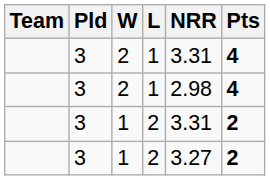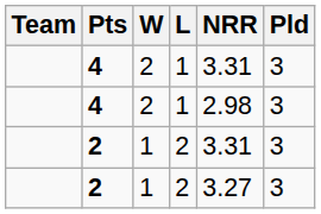 <table class="wikitable">
 <tr>
 <th>Team</th>
-<th>Pld</th>
+<th>Pts</th>
 <th>W</th>
 <th>L</th>
 <th>NRR</th>
-<th>Pts</th>
+<th>Pld</th>
 </tr>
 <tr>
 <td></td>
-<td>3</td>
+<td><strong>4</strong></td>
 <td>2</td>
 <td>1</td>
 <td>3.31</td>
-<td><strong>4</strong></td>
+<td>3</td>
 </tr>
 <tr>
 <td></td>
-<td>3</td>
+<td><strong>4</strong></td>
 <td>2</td>
 <td>1</td>
 <td>2.98</td>
-<td><strong>4</strong></td>
+<td>3</td>
 </tr>
 <tr>
 <td></td>
-<td>3</td>
+<td><strong>2</strong></td>
 <td>1</td>
 <td>2</td>
 <td>3.31</td>
-<td><strong>2</strong></td>
+<td>3</td>
 </tr>
 <tr>
 <td></td>
-<td>3</td>
+<td><strong>2</strong></td>
 <td>1</td>
 <td>2</td>
 <td>3.27</td>
-<td><strong>2</strong></td>
+<td>3</td>
 </tr>
 </table>
